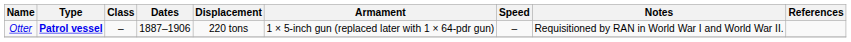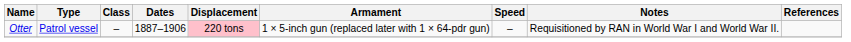 <table class="wikitable" style="text-align: center">
 <tr>
 <th>Name</th>
 <th>Type</th>
 <th>Class</th>
 <th>Dates</th>
 <th>Displacement</th>
 <th>Armament</th>
 <th>Speed</th>
 <th>Notes</th>
 <th>References</th>
 </tr>
 <tr>
 <td><a href='#'><em>Otter</em></a></td>
-<td><strong><a href='#'>Patrol vessel</a></strong></td>
+<td><a href='#'>Patrol vessel</a></td>
 <td>–</td>
 <td>1887–1906</td>
-<td>220 tons</td>
+<td style="background: pink;">220 tons</td>
 <td>1 × 5-inch gun (replaced later with 1 × 64-pdr gun)</td>
 <td>–</td>
 <td>Requisitioned by RAN in World War I and World War II.</td>
 <td></td>
 </tr>
 <tr>
 </tr>
 </table>
